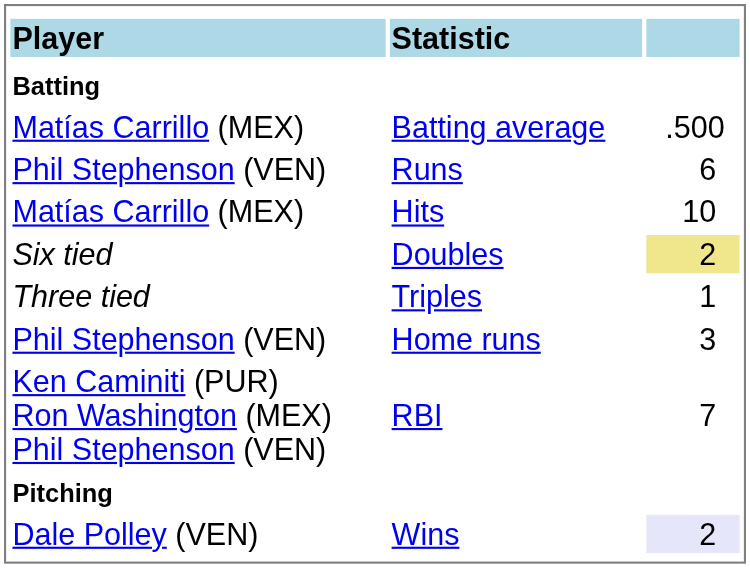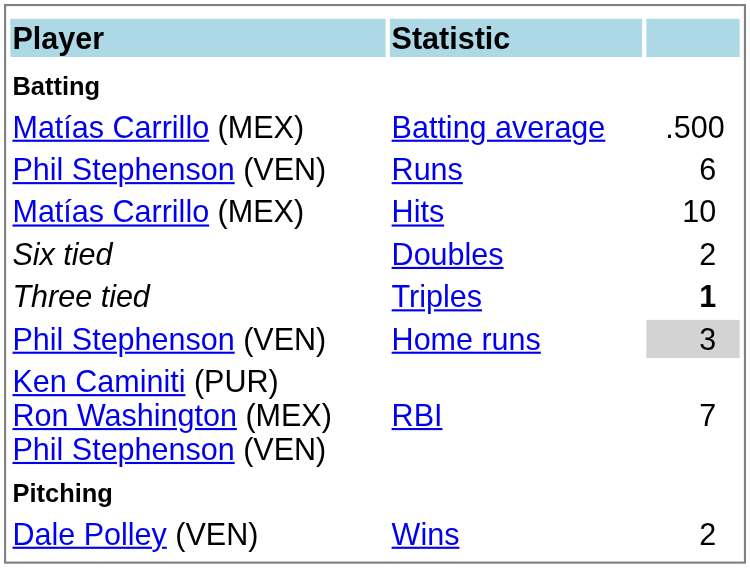 <table cellpadding="1" width="350px" style="font-size: 90%; border: 1px solid gray;">
 <tr align="center" style="font-size: larger;">
 <td colspan=6></td>
 </tr>
 <tr style="background:lightblue;">
 <td><strong>Player</strong></td>
 <td><strong>Statistic</strong></td>
 <td></td>
 </tr>
 <tr align="center" style="vertical-align: middle;" style="background:lightblue;">
 </tr>
 <tr>
 <td><small><strong>Batting</strong></small></td>
 </tr>
 <tr>
 <td><a href='#'>Matías Carrillo</a> (MEX)</td>
 <td><a href='#'>Batting average</a></td>
 <td>  .500</td>
 </tr>
 <tr>
 <td><a href='#'>Phil Stephenson</a> (VEN)</td>
 <td><a href='#'>Runs</a></td>
 <td>      6</td>
 </tr>
 <tr>
 <td><a href='#'>Matías Carrillo</a> (MEX)</td>
 <td><a href='#'>Hits</a></td>
 <td>    10</td>
 </tr>
 <tr>
 <td><em>Six tied</em></td>
 <td><a href='#'>Doubles</a></td>
-<td style="background: khaki;">       2</td>
+<td>       2</td>
 </tr>
 <tr>
 <td><em>Three tied</em></td>
 <td><a href='#'>Triples</a></td>
-<td>      1</td>
+<td><strong>      1</strong></td>
 </tr>
 <tr>
 <td><a href='#'>Phil Stephenson</a> (VEN)</td>
 <td><a href='#'>Home runs</a></td>
-<td>      3</td>
+<td style="background: lightgrey;">      3</td>
 </tr>
 <tr>
 <td><a href='#'>Ken Caminiti</a> (PUR)<br><a href='#'>Ron Washington</a> (MEX)<br><a href='#'>Phil Stephenson</a> (VEN)</td>
 <td><a href='#'>RBI</a></td>
 <td>      7</td>
 </tr>
 <tr>
 <td><small><strong>Pitching</strong></small></td>
 </tr>
 <tr>
 <td><a href='#'>Dale Polley</a> (VEN)</td>
 <td><a href='#'>Wins</a></td>
-<td style="background: lavender;">      2</td>
+<td>      2</td>
 </tr>
 <tr>
 </tr>
 </table>
